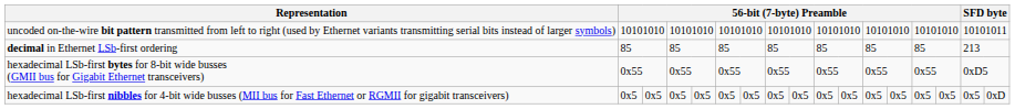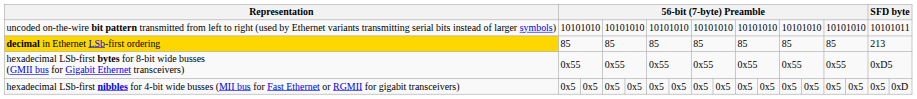 <table class="wikitable">
 <tr>
 <th>Representation</th>
 <th colspan="14"><strong>56-bit (7-byte) Preamble</strong></th>
 <th colspan="2"><strong>SFD byte</strong></th>
 </tr>
 <tr>
 <td>uncoded on-the-wire <strong>bit pattern</strong> transmitted from left to right (used by Ethernet variants transmitting serial bits instead of larger <a href='#'>symbols</a>)</td>
 <td colspan="2">10101010</td>
 <td colspan="2">10101010</td>
 <td colspan="2">10101010</td>
 <td colspan="2">10101010</td>
 <td colspan="2">10101010</td>
 <td colspan="2">10101010</td>
 <td colspan="2">10101010</td>
 <td colspan="2">10101011</td>
 </tr>
 <tr>
-<td><strong>decimal</strong> in Ethernet <a href='#'>LSb</a>-first ordering</td>
+<td style="background: gold;"><strong>decimal</strong> in Ethernet <a href='#'>LSb</a>-first ordering</td>
 <td colspan="2">85</td>
 <td colspan="2">85</td>
 <td colspan="2">85</td>
 <td colspan="2">85</td>
 <td colspan="2">85</td>
 <td colspan="2">85</td>
 <td colspan="2">85</td>
 <td colspan="2">213</td>
 </tr>
 <tr>
 <td>hexadecimal LSb-first <strong>bytes</strong> for 8-bit wide busses<br>(<a href='#'>GMII bus</a> for <a href='#'>Gigabit Ethernet</a> transceivers)</td>
 <td colspan="2">0x55</td>
 <td colspan="2">0x55</td>
 <td colspan="2">0x55</td>
 <td colspan="2">0x55</td>
 <td colspan="2">0x55</td>
 <td colspan="2">0x55</td>
 <td colspan="2">0x55</td>
 <td colspan="2">0xD5</td>
 </tr>
 <tr>
 <td>hexadecimal LSb-first <a href='#'><strong>nibbles</strong></a> for 4-bit wide busses (<a href='#'>MII bus</a> for <a href='#'>Fast Ethernet</a> or <a href='#'>RGMII</a> for gigabit transceivers)</td>
 <td>0x5</td>
 <td>0x5</td>
 <td>0x5</td>
 <td>0x5</td>
 <td>0x5</td>
 <td>0x5</td>
 <td>0x5</td>
 <td>0x5</td>
 <td>0x5</td>
 <td>0x5</td>
 <td>0x5</td>
 <td>0x5</td>
 <td>0x5</td>
 <td>0x5</td>
 <td>0x5</td>
 <td>0xD</td>
 </tr>
 </table>
